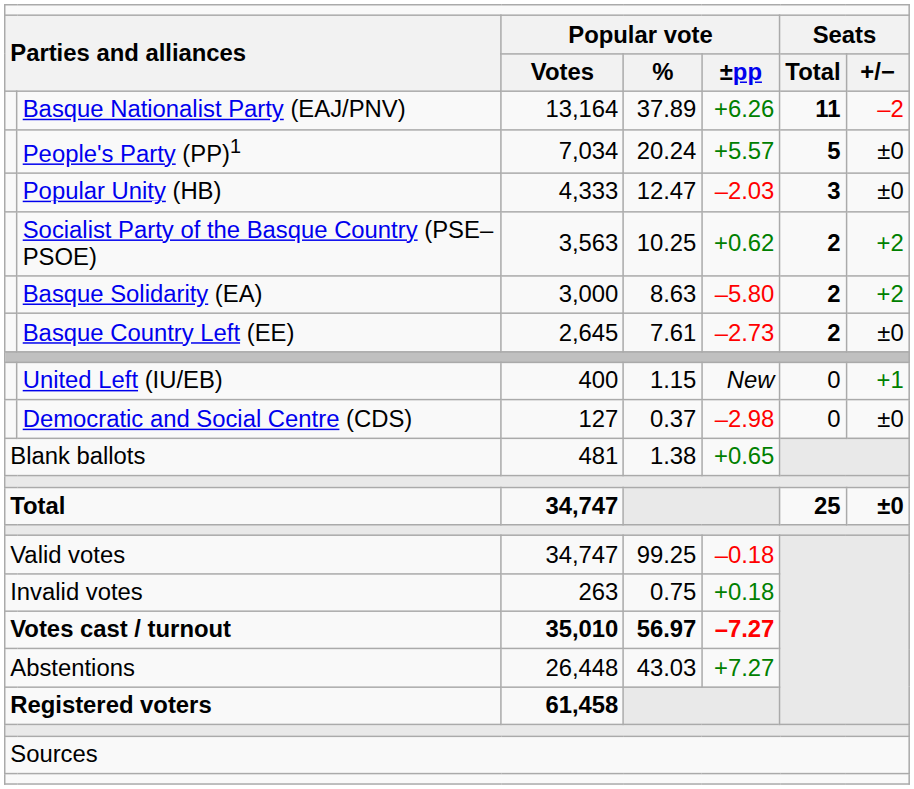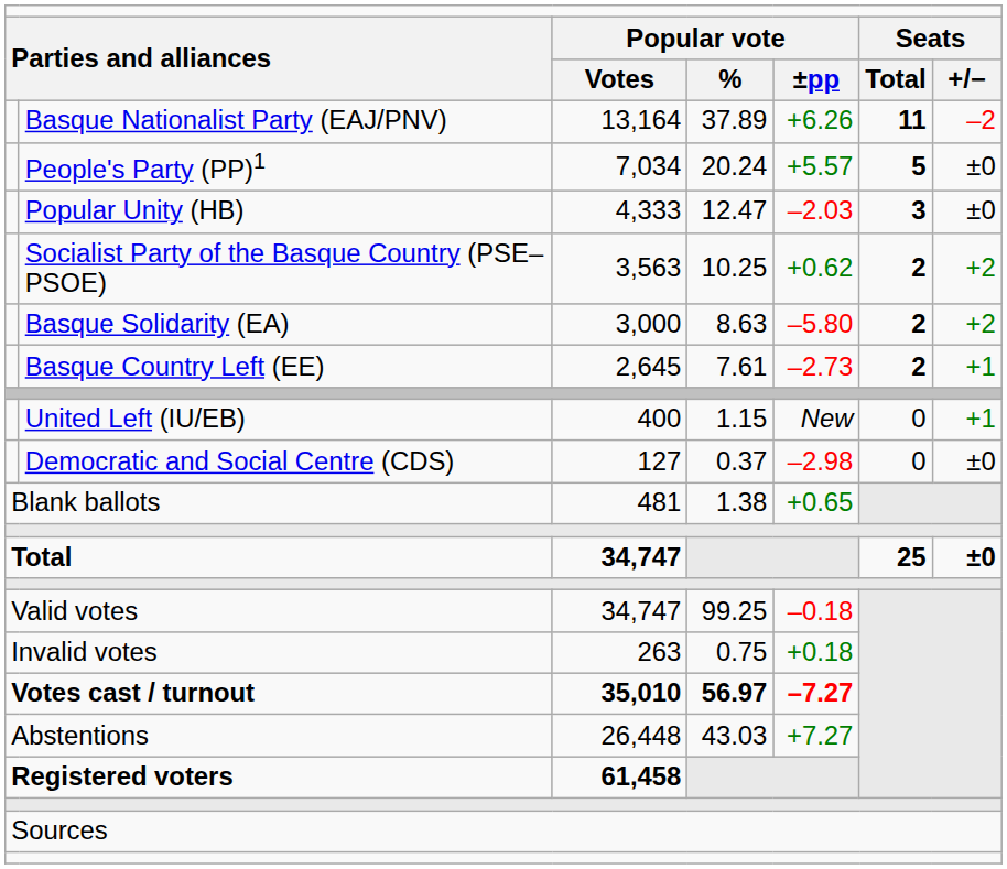 <table class="wikitable" style="text-align:right;">
 <tr>
 <td colspan="7"></td>
 </tr>
 <tr>
 <th style="text-align:left;" rowspan="2" colspan="2" width="525">Parties and alliances</th>
 <th colspan="3">Popular vote</th>
 <th colspan="2">Seats</th>
 </tr>
 <tr>
 <th width="75">Votes</th>
 <th width="45">%</th>
 <th width="45">±<a href='#'>pp</a></th>
 <th width="35">Total</th>
 <th width="35">+/−</th>
 </tr>
 <tr>
 <td width="1" style="color:inherit;background:"></td>
 <td align="left"><a href='#'>Basque Nationalist Party</a> (EAJ/PNV)</td>
 <td>13,164</td>
 <td>37.89</td>
 <td style="color:green;">+6.26</td>
 <td><strong>11</strong></td>
 <td style="color:red;">–2</td>
 </tr>
 <tr>
 <td style="color:inherit;background:"></td>
 <td align="left"><a href='#'>People's Party</a> (PP)<sup>1</sup></td>
 <td>7,034</td>
 <td>20.24</td>
 <td style="color:green;">+5.57</td>
 <td><strong>5</strong></td>
 <td>±0</td>
 </tr>
 <tr>
 <td style="color:inherit;background:"></td>
 <td align="left"><a href='#'>Popular Unity</a> (HB)</td>
 <td>4,333</td>
 <td>12.47</td>
 <td style="color:red;">–2.03</td>
 <td><strong>3</strong></td>
 <td>±0</td>
 </tr>
 <tr>
 <td style="color:inherit;background:"></td>
 <td align="left"><a href='#'>Socialist Party of the Basque Country</a> (PSE–PSOE)</td>
 <td>3,563</td>
 <td>10.25</td>
 <td style="color:green;">+0.62</td>
 <td><strong>2</strong></td>
 <td style="color:green;">+2</td>
 </tr>
 <tr>
 <td style="color:inherit;background:"></td>
 <td align="left"><a href='#'>Basque Solidarity</a> (EA)</td>
 <td>3,000</td>
 <td>8.63</td>
 <td style="color:red;">–5.80</td>
 <td><strong>2</strong></td>
 <td style="color:green;">+2</td>
 </tr>
 <tr>
 <td style="color:inherit;background:"></td>
 <td align="left"><a href='#'>Basque Country Left</a> (EE)</td>
 <td>2,645</td>
 <td>7.61</td>
 <td style="color:red;">–2.73</td>
 <td><strong>2</strong></td>
-<td>±0</td>
+<td style="color:green;">+1</td>
 </tr>
 <tr>
 <td colspan="7" bgcolor="#C0C0C0"></td>
 </tr>
 <tr>
 <td style="color:inherit;background:"></td>
 <td align="left"><a href='#'>United Left</a> (IU/EB)</td>
 <td>400</td>
 <td>1.15</td>
 <td><em>New</em></td>
 <td>0</td>
 <td style="color:green;">+1</td>
 </tr>
 <tr>
 <td style="color:inherit;background:"></td>
 <td align="left"><a href='#'>Democratic and Social Centre</a> (CDS)</td>
 <td>127</td>
 <td>0.37</td>
 <td style="color:red;">–2.98</td>
 <td>0</td>
 <td>±0</td>
 </tr>
 <tr>
 <td align="left" colspan="2">Blank ballots</td>
 <td>481</td>
 <td>1.38</td>
 <td style="color:green;">+0.65</td>
 <td bgcolor="#E9E9E9" colspan="2"></td>
 </tr>
 <tr>
 <td colspan="7" bgcolor="#E9E9E9"></td>
 </tr>
 <tr style="font-weight:bold;">
 <td align="left" colspan="2">Total</td>
 <td>34,747</td>
 <td bgcolor="#E9E9E9" colspan="2"></td>
 <td>25</td>
 <td>±0</td>
 </tr>
 <tr>
 <td colspan="7" bgcolor="#E9E9E9"></td>
 </tr>
 <tr>
 <td align="left" colspan="2">Valid votes</td>
 <td>34,747</td>
 <td>99.25</td>
 <td style="color:red;">–0.18</td>
 <td bgcolor="#E9E9E9" colspan="2" rowspan="5"></td>
 </tr>
 <tr>
 <td align="left" colspan="2">Invalid votes</td>
 <td>263</td>
 <td>0.75</td>
 <td style="color:green;">+0.18</td>
 </tr>
 <tr style="font-weight:bold;">
 <td align="left" colspan="2">Votes cast / turnout</td>
 <td>35,010</td>
 <td>56.97</td>
 <td style="color:red;">–7.27</td>
 </tr>
 <tr>
 <td align="left" colspan="2">Abstentions</td>
 <td>26,448</td>
 <td>43.03</td>
 <td style="color:green;">+7.27</td>
 </tr>
 <tr style="font-weight:bold;">
 <td align="left" colspan="2">Registered voters</td>
 <td>61,458</td>
 <td bgcolor="#E9E9E9" colspan="2"></td>
 </tr>
 <tr>
 <td colspan="7" bgcolor="#E9E9E9"></td>
 </tr>
 <tr>
 <td align="left" colspan="7">Sources</td>
 </tr>
 <tr>
 <td colspan="7" style="text-align:left; max-width:790px;"></td>
 </tr>
 </table>
